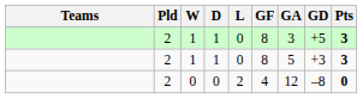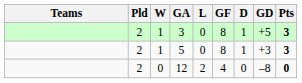 <table class="wikitable" style="text-align: center;">
 <tr>
 <th width=165>Teams</th>
 <th width=20>Pld</th>
 <th width=20>W</th>
-<th width=20>D</th>
+<th width=20>GA</th>
 <th width=20>L</th>
 <th width=20>GF</th>
-<th width=20>GA</th>
+<th width=20>D</th>
 <th width=20>GD</th>
 <th width=20>Pts</th>
 </tr>
 <tr align=center style="background:#ccffcc;">
 <td style="text-align:left;"></td>
 <td>2</td>
 <td>1</td>
-<td>1</td>
+<td>3</td>
 <td>0</td>
 <td>8</td>
-<td>3</td>
+<td>1</td>
 <td>+5</td>
 <td><strong>3</strong></td>
 </tr>
 <tr align=center>
 <td style="text-align:left;"></td>
 <td>2</td>
 <td>1</td>
-<td>1</td>
+<td>5</td>
 <td>0</td>
 <td>8</td>
-<td>5</td>
+<td>1</td>
 <td>+3</td>
 <td><strong>3</strong></td>
 </tr>
 <tr align=center>
 <td style="text-align:left;"></td>
 <td>2</td>
 <td>0</td>
-<td>0</td>
+<td>12</td>
 <td>2</td>
 <td>4</td>
-<td>12</td>
+<td>0</td>
 <td>–8</td>
 <td><strong>0</strong></td>
 </tr>
 </table>
